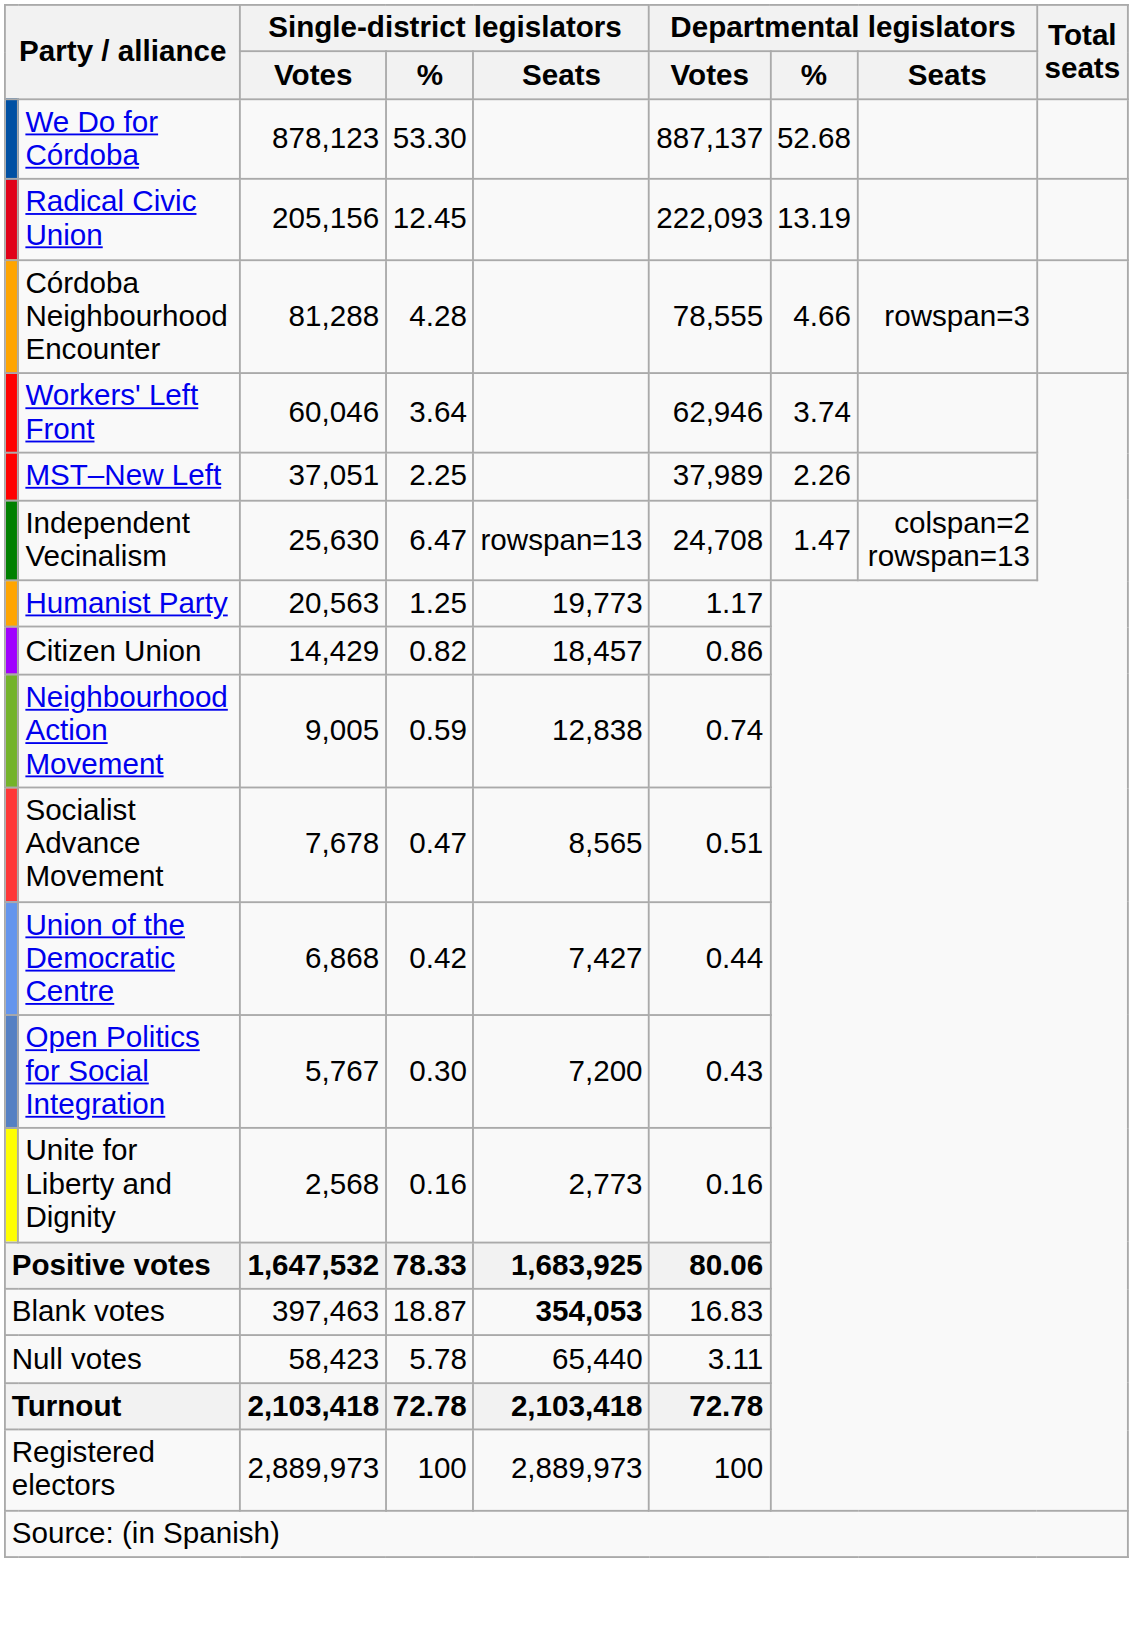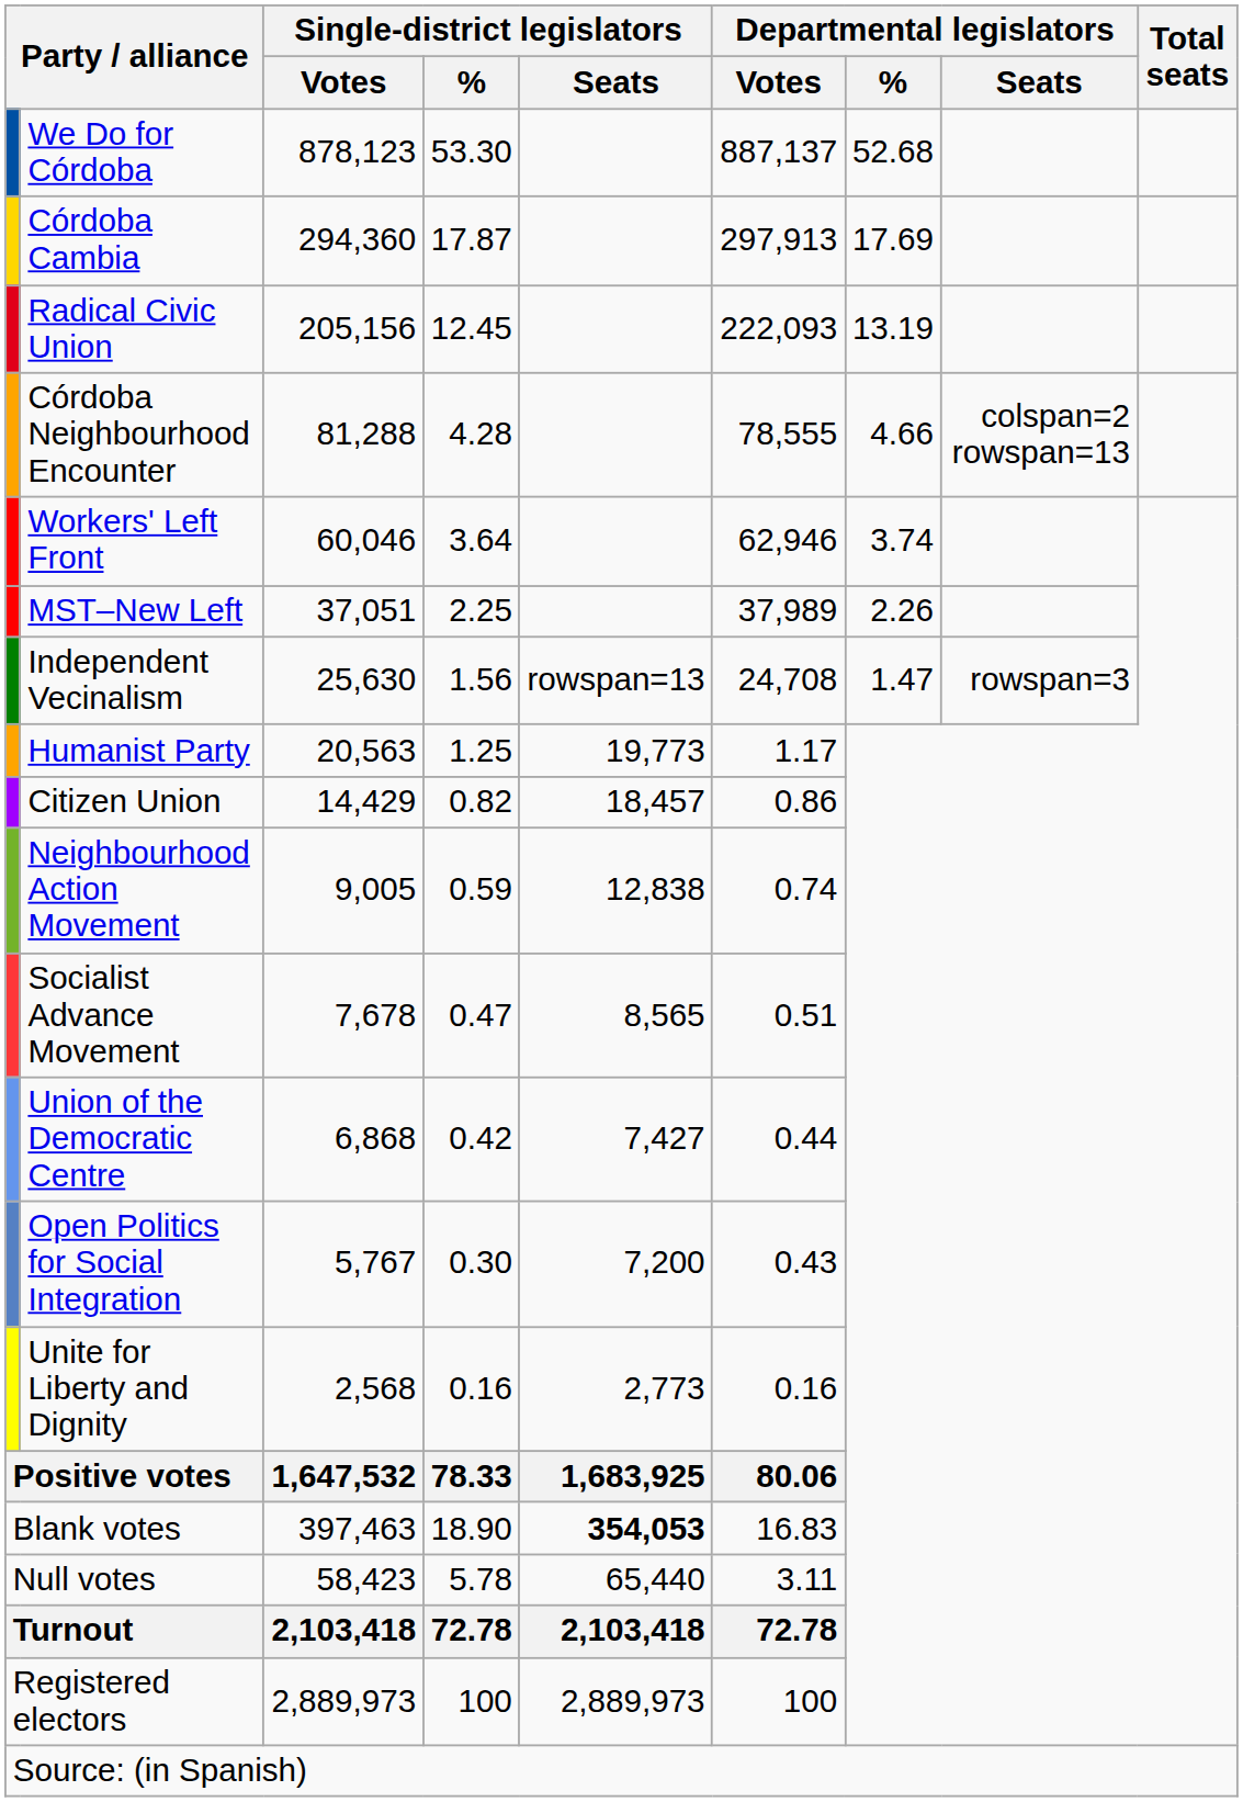 <table class="wikitable" style="text-align:right;%">
 <tr>
 <th colspan=2 rowspan=2>Party / alliance</th>
 <th colspan=3>Single-district legislators</th>
 <th colspan=3>Departmental legislators</th>
 <th rowspan=2>Total seats</th>
 </tr>
 <tr>
 <th>Votes</th>
 <th>%</th>
 <th>Seats</th>
 <th>Votes</th>
 <th>%</th>
 <th>Seats</th>
 </tr>
 <tr>
 <td bgcolor=#0050A3></td>
 <td align=left><a href='#'>We Do for Córdoba</a></td>
 <td>878,123</td>
 <td>53.30</td>
 <td></td>
 <td>887,137</td>
 <td>52.68</td>
 <td></td>
 <td></td>
 </tr>
 <tr>
+<td bgcolor=gold></td>
+<td align=left><a href='#'>Córdoba Cambia</a></td>
+<td>294,360</td>
+<td>17.87</td>
+<td></td>
+<td>297,913</td>
+<td>17.69</td>
+<td></td>
+<td></td>
+</tr>
+<tr>
 <td bgcolor=#E10019></td>
 <td align=left><a href='#'>Radical Civic Union</a></td>
 <td>205,156</td>
 <td>12.45</td>
 <td></td>
 <td>222,093</td>
 <td>13.19</td>
 <td></td>
 <td></td>
 </tr>
 <tr>
 <td bgcolor=orange></td>
 <td align=left>Córdoba Neighbourhood Encounter</td>
 <td>81,288</td>
 <td>4.28</td>
 <td></td>
 <td>78,555</td>
 <td>4.66</td>
-<td>rowspan=3 </td>
+<td>colspan=2 rowspan=13 </td>
 <td></td>
 </tr>
 <tr>
 <td bgcolor=red></td>
 <td align=left><a href='#'>Workers' Left Front</a></td>
 <td>60,046</td>
 <td>3.64</td>
 <td></td>
 <td>62,946</td>
 <td>3.74</td>
 <td></td>
 </tr>
 <tr>
 <td bgcolor=red></td>
 <td align=left><a href='#'>MST–New Left</a></td>
 <td>37,051</td>
 <td>2.25</td>
 <td></td>
 <td>37,989</td>
 <td>2.26</td>
 <td></td>
 </tr>
 <tr>
 <td bgcolor=green></td>
 <td align=left>Independent Vecinalism</td>
 <td>25,630</td>
-<td>6.47</td>
+<td>1.56</td>
 <td>rowspan=13 </td>
 <td>24,708</td>
 <td>1.47</td>
-<td>colspan=2 rowspan=13 </td>
+<td>rowspan=3 </td>
 </tr>
 <tr>
 <td bgcolor=orange></td>
 <td align=left><a href='#'>Humanist Party</a></td>
 <td>20,563</td>
 <td>1.25</td>
 <td>19,773</td>
 <td>1.17</td>
 </tr>
 <tr>
 <td bgcolor=#A000FF></td>
 <td align=left>Citizen Union</td>
 <td>14,429</td>
 <td>0.82</td>
 <td>18,457</td>
 <td>0.86</td>
 </tr>
 <tr>
 <td bgcolor=#73B32A></td>
 <td align=left><a href='#'>Neighbourhood Action Movement</a></td>
 <td>9,005</td>
 <td>0.59</td>
 <td>12,838</td>
 <td>0.74</td>
 </tr>
 <tr>
 <td bgcolor=#fe3738></td>
 <td align=left>Socialist Advance Movement</td>
 <td>7,678</td>
 <td>0.47</td>
 <td>8,565</td>
 <td>0.51</td>
 </tr>
 <tr>
 <td bgcolor=#6495ED></td>
 <td align=left><a href='#'>Union of the Democratic Centre</a></td>
 <td>6,868</td>
 <td>0.42</td>
 <td>7,427</td>
 <td>0.44</td>
 </tr>
 <tr>
 <td bgcolor=#5580C3></td>
 <td align=left><a href='#'>Open Politics for Social Integration</a></td>
 <td>5,767</td>
 <td>0.30</td>
 <td>7,200</td>
 <td>0.43</td>
 </tr>
 <tr>
 <td bgcolor=yellow></td>
 <td align=left>Unite for Liberty and Dignity</td>
 <td>2,568</td>
 <td>0.16</td>
 <td>2,773</td>
 <td>0.16</td>
 </tr>
 <tr>
 <th style="text-align:left;" colspan=2>Positive votes</th>
 <th style="text-align:right;">1,647,532</th>
 <th style="text-align:right;">78.33</th>
 <th style="text-align:right;">1,683,925</th>
 <th style="text-align:right;">80.06</th>
 </tr>
 <tr>
 <td align=left colspan=2>Blank votes</td>
 <td>397,463</td>
-<td>18.87</td>
+<td>18.90</td>
 <td><strong>354,053</strong></td>
 <td>16.83</td>
 </tr>
 <tr>
 <td align=left colspan=2>Null votes</td>
 <td>58,423</td>
 <td>5.78</td>
 <td>65,440</td>
 <td>3.11</td>
 </tr>
 <tr>
 <th style="text-align:left;" colspan=2>Turnout</th>
 <th style="text-align:right;">2,103,418</th>
 <th style="text-align:right;">72.78</th>
 <th style="text-align:right;">2,103,418</th>
 <th style="text-align:right;">72.78</th>
 </tr>
 <tr>
 <td align=left colspan=2>Registered electors</td>
 <td>2,889,973</td>
 <td>100</td>
 <td>2,889,973</td>
 <td>100</td>
 </tr>
 <tr>
 <td colspan=9 align=left>Source:  (in Spanish)</td>
 </tr>
 </table>
